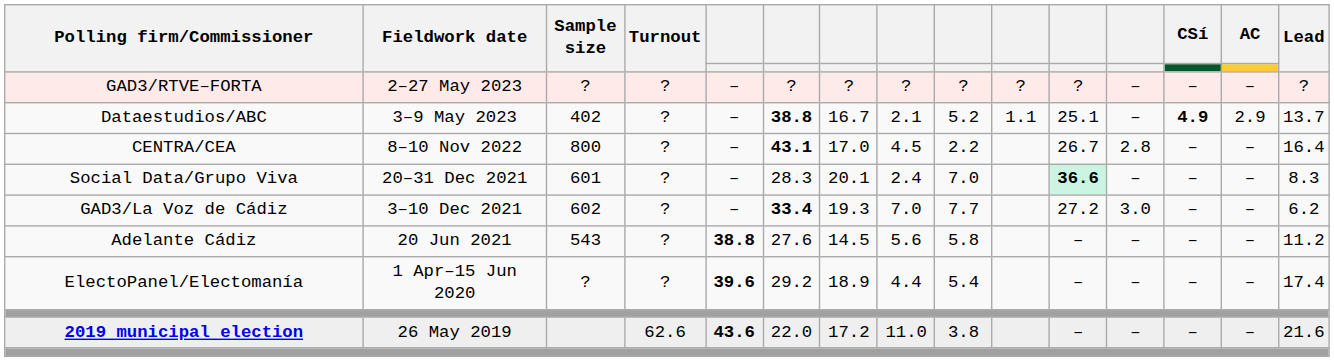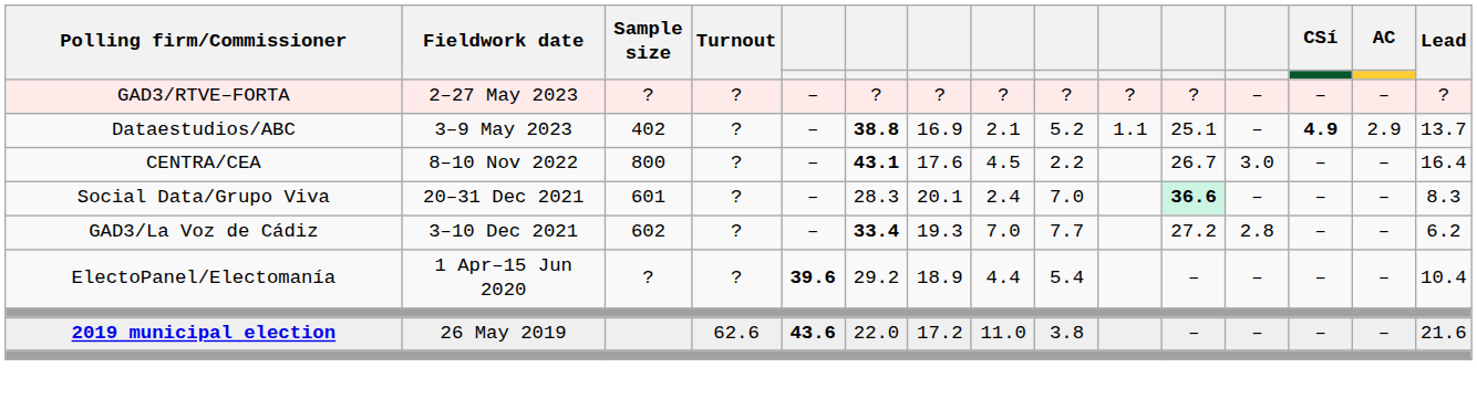 <table class="wikitable collapsible collapsed" style="text-align:center; font-size:95%; line-height:16px;">
 <tr style="height:42px;">
 <th style="width:250px;" rowspan="2">Polling firm/Commissioner</th>
 <th style="width:125px;" rowspan="2">Fieldwork date</th>
 <th style="width:50px;" rowspan="2">Sample size</th>
 <th style="width:45px;" rowspan="2">Turnout</th>
 <th style="width:35px;"></th>
 <th style="width:35px;"></th>
 <th style="width:35px;"></th>
 <th style="width:35px;"></th>
 <th style="width:35px;"></th>
 <th style="width:35px;"></th>
 <th style="width:35px;"></th>
 <th style="width:35px;"></th>
 <th style="width:35px;">CSí</th>
 <th style="width:35px;">AC</th>
 <th style="width:30px;" rowspan="2">Lead</th>
 </tr>
 <tr>
 <th style="color:inherit;background:"></th>
 <th style="color:inherit;background:"></th>
 <th style="color:inherit;background:"></th>
 <th style="color:inherit;background:"></th>
 <th style="color:inherit;background:"></th>
 <th style="color:inherit;background:"></th>
 <th style="color:inherit;background:"></th>
 <th style="color:inherit;background:"></th>
 <th style="color:inherit;background:#05572C;"></th>
 <th style="color:inherit;background:#FFCC33;"></th>
 </tr>
 <tr style="background:#FFEAEA;">
 <td>GAD3/RTVE–FORTA</td>
 <td>2–27 May 2023</td>
 <td>?</td>
 <td>?</td>
 <td>–</td>
 <td>?<br></td>
 <td>?<br></td>
 <td>?<br></td>
 <td>?<br></td>
 <td>?<br></td>
 <td>?<br></td>
 <td>–</td>
 <td>–</td>
 <td>–</td>
 <td style="background:">?</td>
 </tr>
 <tr>
 <td>Dataestudios/ABC</td>
 <td>3–9 May 2023</td>
 <td>402</td>
 <td>?</td>
 <td>–</td>
 <td><strong>38.8</strong><br></td>
-<td>16.7<br></td>
+<td>16.9<br></td>
 <td>2.1<br></td>
 <td>5.2<br></td>
 <td>1.1<br></td>
 <td>25.1<br></td>
 <td>–</td>
 <td><strong>4.9<br></strong></td>
 <td>2.9<br></td>
 <td style="background:">13.7</td>
 </tr>
 <tr>
 <td>CENTRA/CEA</td>
 <td>8–10 Nov 2022</td>
 <td>800</td>
 <td>?</td>
 <td>–</td>
 <td><strong>43.1</strong><br></td>
-<td>17.0<br></td>
+<td>17.6<br></td>
 <td>4.5<br></td>
 <td>2.2<br></td>
 <td></td>
 <td>26.7<br></td>
-<td>2.8<br></td>
+<td>3.0<br></td>
 <td>–</td>
 <td>–</td>
 <td style="background:">16.4</td>
 </tr>
 <tr>
 <td>Social Data/Grupo Viva</td>
 <td>20–31 Dec 2021</td>
 <td>601</td>
 <td>?</td>
 <td>–</td>
 <td>28.3<br></td>
 <td>20.1<br></td>
 <td>2.4<br></td>
 <td>7.0<br></td>
 <td></td>
 <td style="background:#CBF5E2;"><strong>36.6</strong><br></td>
 <td>–</td>
 <td>–</td>
 <td>–</td>
 <td style="background:">8.3</td>
 </tr>
 <tr>
 <td>GAD3/La Voz de Cádiz</td>
 <td>3–10 Dec 2021</td>
 <td>602</td>
 <td>?</td>
 <td>–</td>
 <td><strong>33.4</strong><br></td>
 <td>19.3<br></td>
 <td>7.0<br></td>
 <td>7.7<br></td>
 <td></td>
 <td>27.2<br></td>
-<td>3.0<br></td>
+<td>2.8<br></td>
 <td>–</td>
 <td>–</td>
 <td style="background:">6.2</td>
-</tr>
-<tr>
-<td>Adelante Cádiz</td>
-<td>20 Jun 2021</td>
-<td>543</td>
-<td>?</td>
-<td><strong>38.8</strong><br></td>
-<td>27.6<br></td>
-<td>14.5<br></td>
-<td>5.6<br></td>
-<td>5.8<br></td>
-<td></td>
-<td>–</td>
-<td>–</td>
-<td>–</td>
-<td>–</td>
-<td style="background:">11.2</td>
 </tr>
 <tr>
 <td>ElectoPanel/Electomanía</td>
 <td>1 Apr–15 Jun 2020</td>
 <td>?</td>
 <td>?</td>
 <td><strong>39.6</strong><br></td>
 <td>29.2<br></td>
 <td>18.9<br></td>
 <td>4.4<br></td>
 <td>5.4<br></td>
 <td></td>
 <td>–</td>
 <td>–</td>
 <td>–</td>
 <td>–</td>
-<td style="background:">17.4</td>
+<td style="background:">10.4</td>
 </tr>
 <tr>
 <td colspan="15" style="background:#A0A0A0"></td>
 </tr>
 <tr style="background:#EFEFEF;">
 <td><strong><a href='#'>2019 municipal election</a></strong></td>
 <td>26 May 2019</td>
 <td></td>
 <td>62.6</td>
 <td><strong>43.6</strong><br></td>
 <td>22.0<br></td>
 <td>17.2<br></td>
 <td>11.0<br></td>
 <td>3.8<br></td>
 <td></td>
 <td>–</td>
 <td>–</td>
 <td>–</td>
 <td>–</td>
 <td style="background:">21.6</td>
 </tr>
 <tr>
 <td colspan="15" style="background:#A0A0A0"></td>
 </tr>
 </table>
